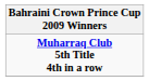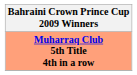 <table class="wikitable" style="text-align: center; margin: 0 auto;">
 <tr>
 <th>Bahraini Crown Prince Cup <br>2009 Winners</th>
 </tr>
 <tr>
-<td><strong><a href='#'>Muharraq Club</a></strong><br><strong>5th Title</strong> <br> <strong>4th in a row</strong></td>
+<td style="background: lightsalmon;"><strong><a href='#'>Muharraq Club</a></strong><br><strong>5th Title</strong> <br> <strong>4th in a row</strong></td>
 </tr>
 <tr>
 </tr>
 </table>
